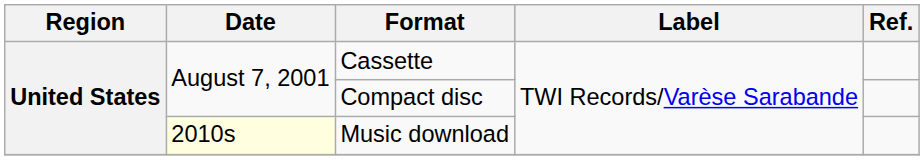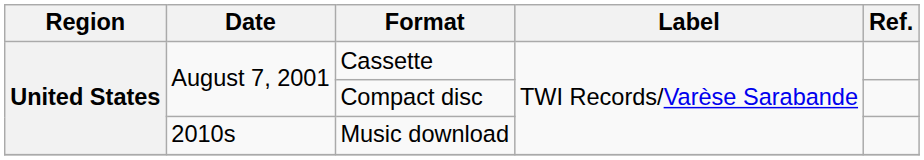 <table class="wikitable plainrowheaders">
 <tr>
 <th scope="col">Region</th>
 <th scope="col">Date</th>
 <th scope="col">Format</th>
 <th scope="col">Label</th>
 <th scope="col">Ref.</th>
 </tr>
 <tr>
 <th scope="row" rowspan="3">United States</th>
 <td rowspan="2">August 7, 2001</td>
 <td>Cassette</td>
 <td rowspan="3">TWI Records/<a href='#'>Varèse Sarabande</a></td>
 <td></td>
 </tr>
 <tr>
 <td>Compact disc</td>
 <td></td>
 </tr>
 <tr>
-<td style="background: lightyellow;">2010s</td>
+<td>2010s</td>
 <td>Music download</td>
 <td></td>
 </tr>
 <tr>
 </tr>
 </table>
